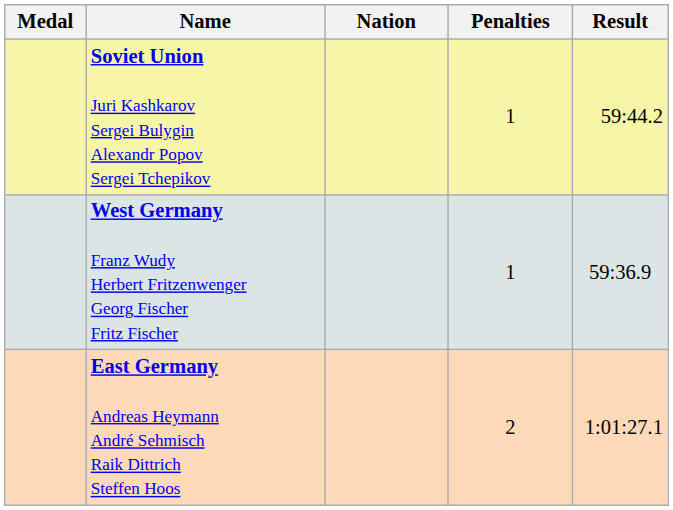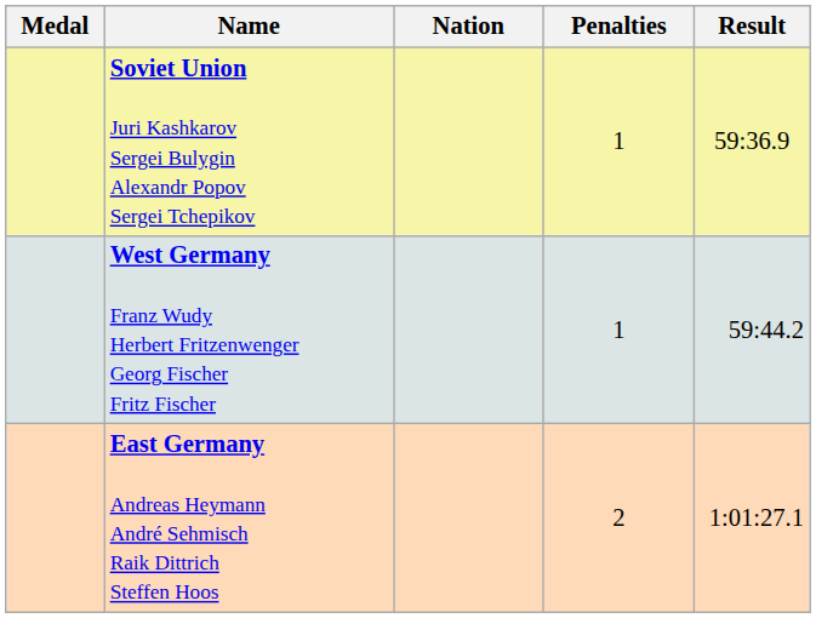 <table class=wikitable style="border:1px solid #AAAAAA;font-size:90%">
 <tr bgcolor="#E4E4E4">
 <th style="border-bottom:1px solid #AAAAAA" width=50>Medal</th>
 <th style="border-bottom:1px solid #AAAAAA" width=160>Name</th>
 <th style="border-bottom:1px solid #AAAAAA" width=80>Nation</th>
 <th style="border-bottom:1px solid #AAAAAA" width=80>Penalties</th>
 <th style="border-bottom:1px solid #AAAAAA" width=60>Result</th>
 </tr>
 <tr bgcolor="#F7F6A8">
 <td align="center"></td>
 <td><strong><a href='#'>Soviet Union</a></strong><br><br><small><a href='#'>Juri Kashkarov</a><br><a href='#'>Sergei Bulygin</a><br><a href='#'>Alexandr Popov</a><br><a href='#'>Sergei Tchepikov</a></small></td>
 <td></td>
 <td align="center">1</td>
-<td align="right">59:44.2</td>
+<td align="center">59:36.9</td>
 </tr>
 <tr bgcolor="#DCE5E5">
 <td align="center"></td>
 <td><strong><a href='#'>West Germany</a></strong><br><br><small><a href='#'>Franz Wudy</a><br><a href='#'>Herbert Fritzenwenger</a><br><a href='#'>Georg Fischer</a><br><a href='#'>Fritz Fischer</a></small></td>
 <td></td>
 <td align="center">1</td>
-<td align="center">59:36.9</td>
+<td align="right">59:44.2</td>
 </tr>
 <tr bgcolor="#FFDAB9">
 <td align="center"></td>
 <td><strong><a href='#'>East Germany</a></strong><br><br><small><a href='#'>Andreas Heymann</a><br><a href='#'>André Sehmisch</a><br><a href='#'>Raik Dittrich</a><br><a href='#'>Steffen Hoos</a></small></td>
 <td></td>
 <td align="center">2</td>
 <td align="right">1:01:27.1</td>
 </tr>
 </table>
